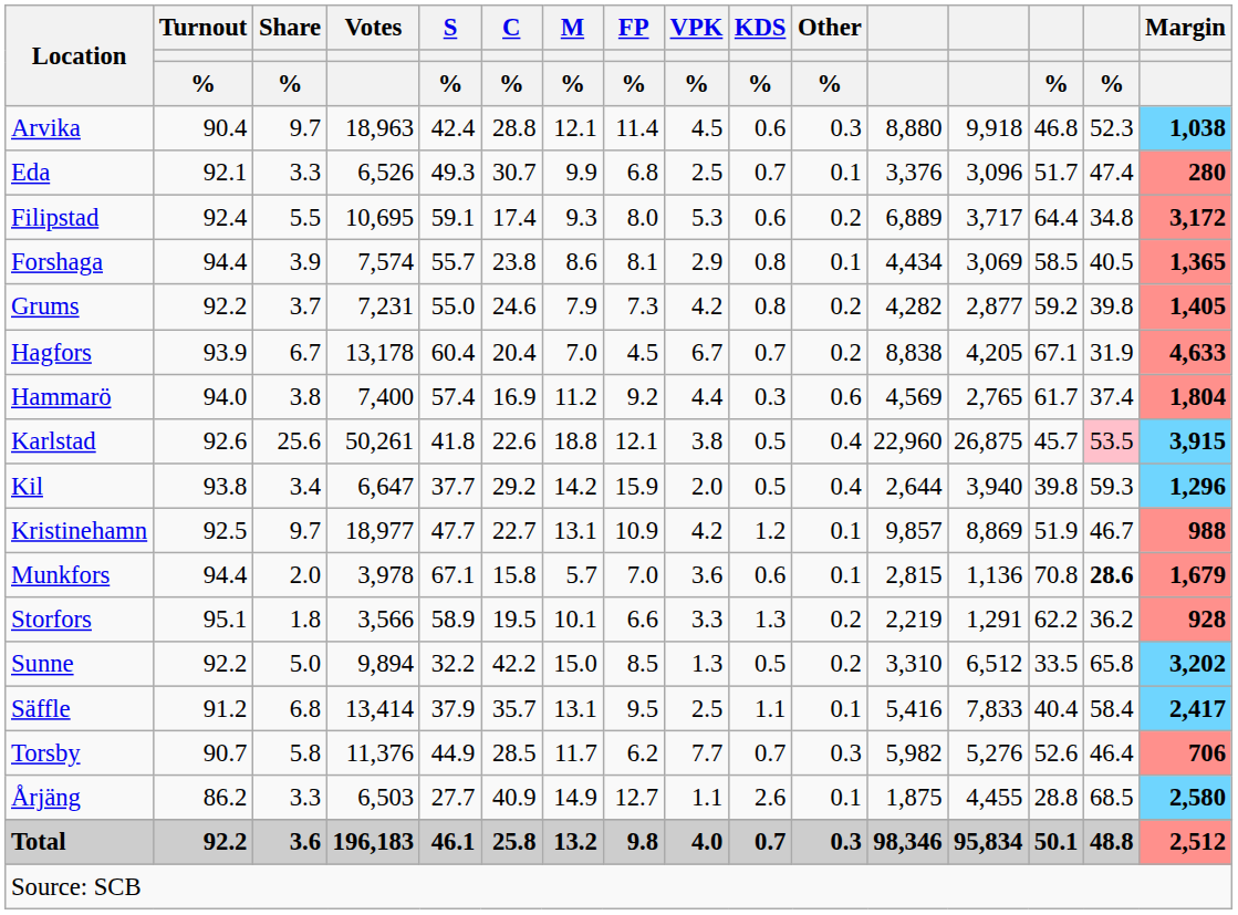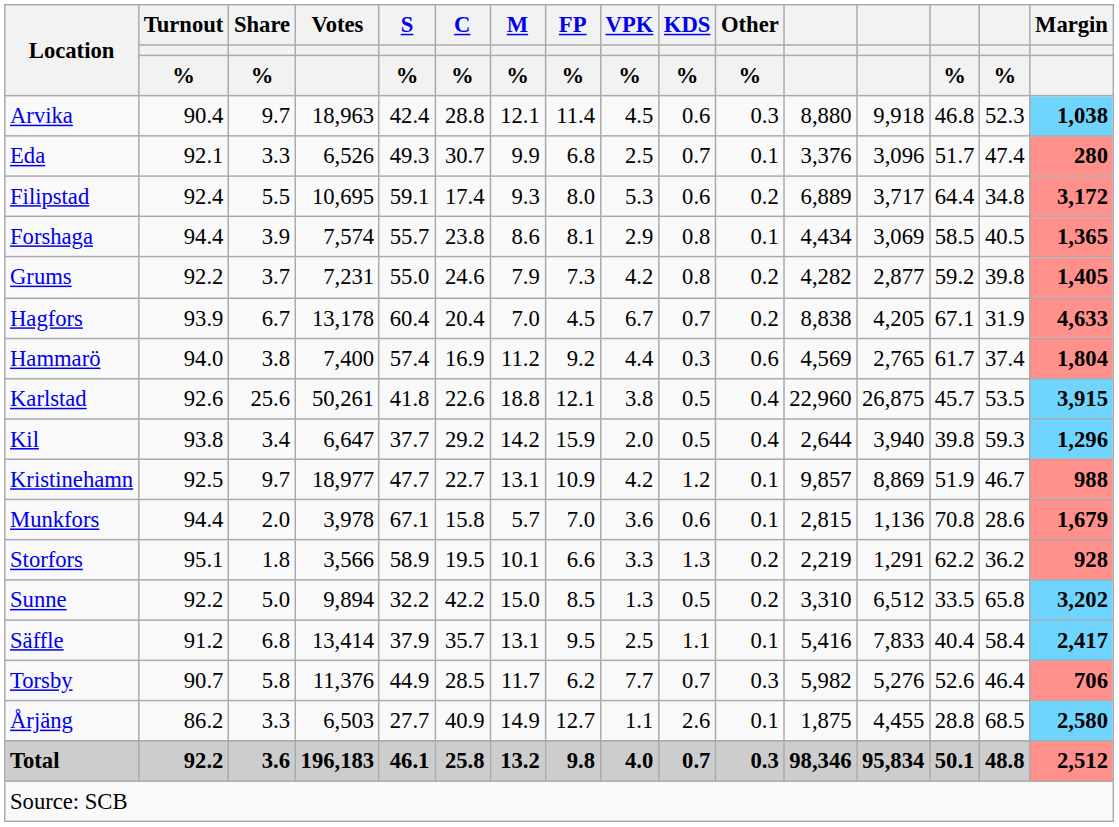 <table class="wikitable sortable" style="text-align:right; font-size:95%; line-height:20px;">
 <tr>
 <th rowspan="3">Location</th>
 <th>Turnout</th>
 <th>Share</th>
 <th>Votes</th>
 <th width="30px" class="unsortable"><a href='#'>S</a></th>
 <th width="30px" class="unsortable"><a href='#'>C</a></th>
 <th width="30px" class="unsortable"><a href='#'>M</a></th>
 <th width="30px" class="unsortable"><a href='#'>FP</a></th>
 <th width="30px" class="unsortable"><a href='#'>VPK</a></th>
 <th width="30px" class="unsortable"><a href='#'>KDS</a></th>
 <th width="30px" class="unsortable">Other</th>
 <th></th>
 <th></th>
 <th></th>
 <th></th>
 <th>Margin</th>
 </tr>
 <tr>
 <th></th>
 <th></th>
 <th></th>
 <th style="background:"></th>
 <th style="background:"></th>
 <th style="background:"></th>
 <th style="background:"></th>
 <th style="background:"></th>
 <th style="background:"></th>
 <th style="background:"></th>
 <th style="background:"></th>
 <th style="background:"></th>
 <th style="background:"></th>
 <th style="background:"></th>
 <th></th>
 </tr>
 <tr>
 <th data-sort-type="number">%</th>
 <th data-sort-type="number">%</th>
 <th></th>
 <th data-sort-type="number">%</th>
 <th data-sort-type="number">%</th>
 <th data-sort-type="number">%</th>
 <th data-sort-type="number">%</th>
 <th data-sort-type="number">%</th>
 <th data-sort-type="number">%</th>
 <th data-sort-type="number">%</th>
 <th data-sort-type="number"></th>
 <th data-sort-type="number"></th>
 <th data-sort-type="number">%</th>
 <th data-sort-type="number">%</th>
 <th data-sort-type="number"></th>
 </tr>
 <tr>
 <td align=left><a href='#'>Arvika</a></td>
 <td>90.4</td>
 <td>9.7</td>
 <td>18,963</td>
 <td>42.4</td>
 <td>28.8</td>
 <td>12.1</td>
 <td>11.4</td>
 <td>4.5</td>
 <td>0.6</td>
 <td>0.3</td>
 <td>8,880</td>
 <td>9,918</td>
 <td>46.8</td>
 <td>52.3</td>
 <td bgcolor=#6fd5fe><strong>1,038</strong></td>
 </tr>
 <tr>
 <td align=left><a href='#'>Eda</a></td>
 <td>92.1</td>
 <td>3.3</td>
 <td>6,526</td>
 <td>49.3</td>
 <td>30.7</td>
 <td>9.9</td>
 <td>6.8</td>
 <td>2.5</td>
 <td>0.7</td>
 <td>0.1</td>
 <td>3,376</td>
 <td>3,096</td>
 <td>51.7</td>
 <td>47.4</td>
 <td bgcolor=#ff908c><strong>280</strong></td>
 </tr>
 <tr>
 <td align=left><a href='#'>Filipstad</a></td>
 <td>92.4</td>
 <td>5.5</td>
 <td>10,695</td>
 <td>59.1</td>
 <td>17.4</td>
 <td>9.3</td>
 <td>8.0</td>
 <td>5.3</td>
 <td>0.6</td>
 <td>0.2</td>
 <td>6,889</td>
 <td>3,717</td>
 <td>64.4</td>
 <td>34.8</td>
 <td bgcolor=#ff908c><strong>3,172</strong></td>
 </tr>
 <tr>
 <td align=left><a href='#'>Forshaga</a></td>
 <td>94.4</td>
 <td>3.9</td>
 <td>7,574</td>
 <td>55.7</td>
 <td>23.8</td>
 <td>8.6</td>
 <td>8.1</td>
 <td>2.9</td>
 <td>0.8</td>
 <td>0.1</td>
 <td>4,434</td>
 <td>3,069</td>
 <td>58.5</td>
 <td>40.5</td>
 <td bgcolor=#ff908c><strong>1,365</strong></td>
 </tr>
 <tr>
 <td align=left><a href='#'>Grums</a></td>
 <td>92.2</td>
 <td>3.7</td>
 <td>7,231</td>
 <td>55.0</td>
 <td>24.6</td>
 <td>7.9</td>
 <td>7.3</td>
 <td>4.2</td>
 <td>0.8</td>
 <td>0.2</td>
 <td>4,282</td>
 <td>2,877</td>
 <td>59.2</td>
 <td>39.8</td>
 <td bgcolor=#ff908c><strong>1,405</strong></td>
 </tr>
 <tr>
 <td align=left><a href='#'>Hagfors</a></td>
 <td>93.9</td>
 <td>6.7</td>
 <td>13,178</td>
 <td>60.4</td>
 <td>20.4</td>
 <td>7.0</td>
 <td>4.5</td>
 <td>6.7</td>
 <td>0.7</td>
 <td>0.2</td>
 <td>8,838</td>
 <td>4,205</td>
 <td>67.1</td>
 <td>31.9</td>
 <td bgcolor=#ff908c><strong>4,633</strong></td>
 </tr>
 <tr>
 <td align=left><a href='#'>Hammarö</a></td>
 <td>94.0</td>
 <td>3.8</td>
 <td>7,400</td>
 <td>57.4</td>
 <td>16.9</td>
 <td>11.2</td>
 <td>9.2</td>
 <td>4.4</td>
 <td>0.3</td>
 <td>0.6</td>
 <td>4,569</td>
 <td>2,765</td>
 <td>61.7</td>
 <td>37.4</td>
 <td bgcolor=#ff908c><strong>1,804</strong></td>
 </tr>
 <tr>
 <td align=left><a href='#'>Karlstad</a></td>
 <td>92.6</td>
 <td>25.6</td>
 <td>50,261</td>
 <td>41.8</td>
 <td>22.6</td>
 <td>18.8</td>
 <td>12.1</td>
 <td>3.8</td>
 <td>0.5</td>
 <td>0.4</td>
 <td>22,960</td>
 <td>26,875</td>
 <td>45.7</td>
-<td style="background: pink;">53.5</td>
+<td>53.5</td>
 <td bgcolor=#6fd5fe><strong>3,915</strong></td>
 </tr>
 <tr>
 <td align=left><a href='#'>Kil</a></td>
 <td>93.8</td>
 <td>3.4</td>
 <td>6,647</td>
 <td>37.7</td>
 <td>29.2</td>
 <td>14.2</td>
 <td>15.9</td>
 <td>2.0</td>
 <td>0.5</td>
 <td>0.4</td>
 <td>2,644</td>
 <td>3,940</td>
 <td>39.8</td>
 <td>59.3</td>
 <td bgcolor=#6fd5fe><strong>1,296</strong></td>
 </tr>
 <tr>
 <td align=left><a href='#'>Kristinehamn</a></td>
 <td>92.5</td>
 <td>9.7</td>
 <td>18,977</td>
 <td>47.7</td>
 <td>22.7</td>
 <td>13.1</td>
 <td>10.9</td>
 <td>4.2</td>
 <td>1.2</td>
 <td>0.1</td>
 <td>9,857</td>
 <td>8,869</td>
 <td>51.9</td>
 <td>46.7</td>
 <td bgcolor=#ff908c><strong>988</strong></td>
 </tr>
 <tr>
 <td align=left><a href='#'>Munkfors</a></td>
 <td>94.4</td>
 <td>2.0</td>
 <td>3,978</td>
 <td>67.1</td>
 <td>15.8</td>
 <td>5.7</td>
 <td>7.0</td>
 <td>3.6</td>
 <td>0.6</td>
 <td>0.1</td>
 <td>2,815</td>
 <td>1,136</td>
 <td>70.8</td>
-<td><strong>28.6</strong></td>
+<td>28.6</td>
 <td bgcolor=#ff908c><strong>1,679</strong></td>
 </tr>
 <tr>
 <td align=left><a href='#'>Storfors</a></td>
 <td>95.1</td>
 <td>1.8</td>
 <td>3,566</td>
 <td>58.9</td>
 <td>19.5</td>
 <td>10.1</td>
 <td>6.6</td>
 <td>3.3</td>
 <td>1.3</td>
 <td>0.2</td>
 <td>2,219</td>
 <td>1,291</td>
 <td>62.2</td>
 <td>36.2</td>
 <td bgcolor=#ff908c><strong>928</strong></td>
 </tr>
 <tr>
 <td align=left><a href='#'>Sunne</a></td>
 <td>92.2</td>
 <td>5.0</td>
 <td>9,894</td>
 <td>32.2</td>
 <td>42.2</td>
 <td>15.0</td>
 <td>8.5</td>
 <td>1.3</td>
 <td>0.5</td>
 <td>0.2</td>
 <td>3,310</td>
 <td>6,512</td>
 <td>33.5</td>
 <td>65.8</td>
 <td bgcolor=#6fd5fe><strong>3,202</strong></td>
 </tr>
 <tr>
 <td align=left><a href='#'>Säffle</a></td>
 <td>91.2</td>
 <td>6.8</td>
 <td>13,414</td>
 <td>37.9</td>
 <td>35.7</td>
 <td>13.1</td>
 <td>9.5</td>
 <td>2.5</td>
 <td>1.1</td>
 <td>0.1</td>
 <td>5,416</td>
 <td>7,833</td>
 <td>40.4</td>
 <td>58.4</td>
 <td bgcolor=#6fd5fe><strong>2,417</strong></td>
 </tr>
 <tr>
 <td align=left><a href='#'>Torsby</a></td>
 <td>90.7</td>
 <td>5.8</td>
 <td>11,376</td>
 <td>44.9</td>
 <td>28.5</td>
 <td>11.7</td>
 <td>6.2</td>
 <td>7.7</td>
 <td>0.7</td>
 <td>0.3</td>
 <td>5,982</td>
 <td>5,276</td>
 <td>52.6</td>
 <td>46.4</td>
 <td bgcolor=#ff908c><strong>706</strong></td>
 </tr>
 <tr>
 <td align=left><a href='#'>Årjäng</a></td>
 <td>86.2</td>
 <td>3.3</td>
 <td>6,503</td>
 <td>27.7</td>
 <td>40.9</td>
 <td>14.9</td>
 <td>12.7</td>
 <td>1.1</td>
 <td>2.6</td>
 <td>0.1</td>
 <td>1,875</td>
 <td>4,455</td>
 <td>28.8</td>
 <td>68.5</td>
 <td bgcolor=#6fd5fe><strong>2,580</strong></td>
 </tr>
 <tr>
 </tr>
 <tr style="background:#CDCDCD;">
 <td align=left><strong>Total</strong></td>
 <td><strong>92.2</strong></td>
 <td><strong>3.6</strong></td>
 <td><strong>196,183</strong></td>
 <td><strong>46.1</strong></td>
 <td><strong>25.8</strong></td>
 <td><strong>13.2</strong></td>
 <td><strong>9.8</strong></td>
 <td><strong>4.0</strong></td>
 <td><strong>0.7</strong></td>
 <td><strong>0.3</strong></td>
 <td><strong>98,346</strong></td>
 <td><strong>95,834</strong></td>
 <td><strong>50.1</strong></td>
 <td><strong>48.8</strong></td>
 <td bgcolor=#ff908c><strong>2,512</strong></td>
 </tr>
 <tr>
 <td align=left colspan=16>Source: SCB </td>
 </tr>
 </table>
